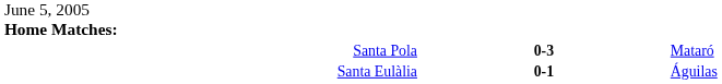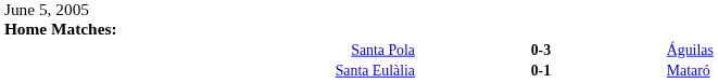 <table width=100% cellspacing=1>
 <tr>
 <th width=20%></th>
 <th width=12%></th>
 <th width=20%></th>
 <th></th>
 </tr>
 <tr>
 <td>June 5, 2005<br><strong>Home Matches:</strong></td>
 </tr>
 <tr style=font-size:90%>
 <td align=right><a href='#'>Santa Pola</a></td>
 <td align=center><strong>0-3</strong></td>
-<td><a href='#'>Mataró</a></td>
+<td><a href='#'>Águilas</a></td>
 </tr>
 <tr style=font-size:90%>
 <td align=right><a href='#'>Santa Eulàlia</a></td>
 <td align=center><strong>0-1</strong></td>
-<td><a href='#'>Águilas</a></td>
+<td><a href='#'>Mataró</a></td>
 </tr>
 </table>
